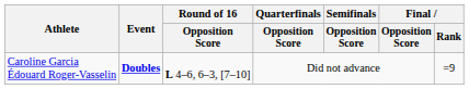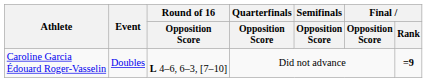 <table class=wikitable style=font-size:90%>
 <tr>
 <th rowspan=2>Athlete</th>
 <th rowspan=2>Event</th>
 <th>Round of 16</th>
 <th>Quarterfinals</th>
 <th>Semifinals</th>
 <th colspan=2>Final / </th>
 </tr>
 <tr style=font-size:95%>
 <th>Opposition<br>Score</th>
 <th>Opposition<br>Score</th>
 <th>Opposition<br>Score</th>
 <th>Opposition<br>Score</th>
 <th>Rank</th>
 </tr>
 <tr align=center>
 <td align=left><a href='#'>Caroline Garcia</a><br><a href='#'>Édouard Roger-Vasselin</a></td>
-<td align=left><strong><a href='#'>Doubles</a></strong></td>
+<td align=left><a href='#'>Doubles</a></td>
 <td><br><strong>L</strong> 4–6, 6–3, [7–10]</td>
 <td colspan=3>Did not advance</td>
-<td>=9</td>
+<td><strong>=9</strong></td>
 </tr>
 </table>
